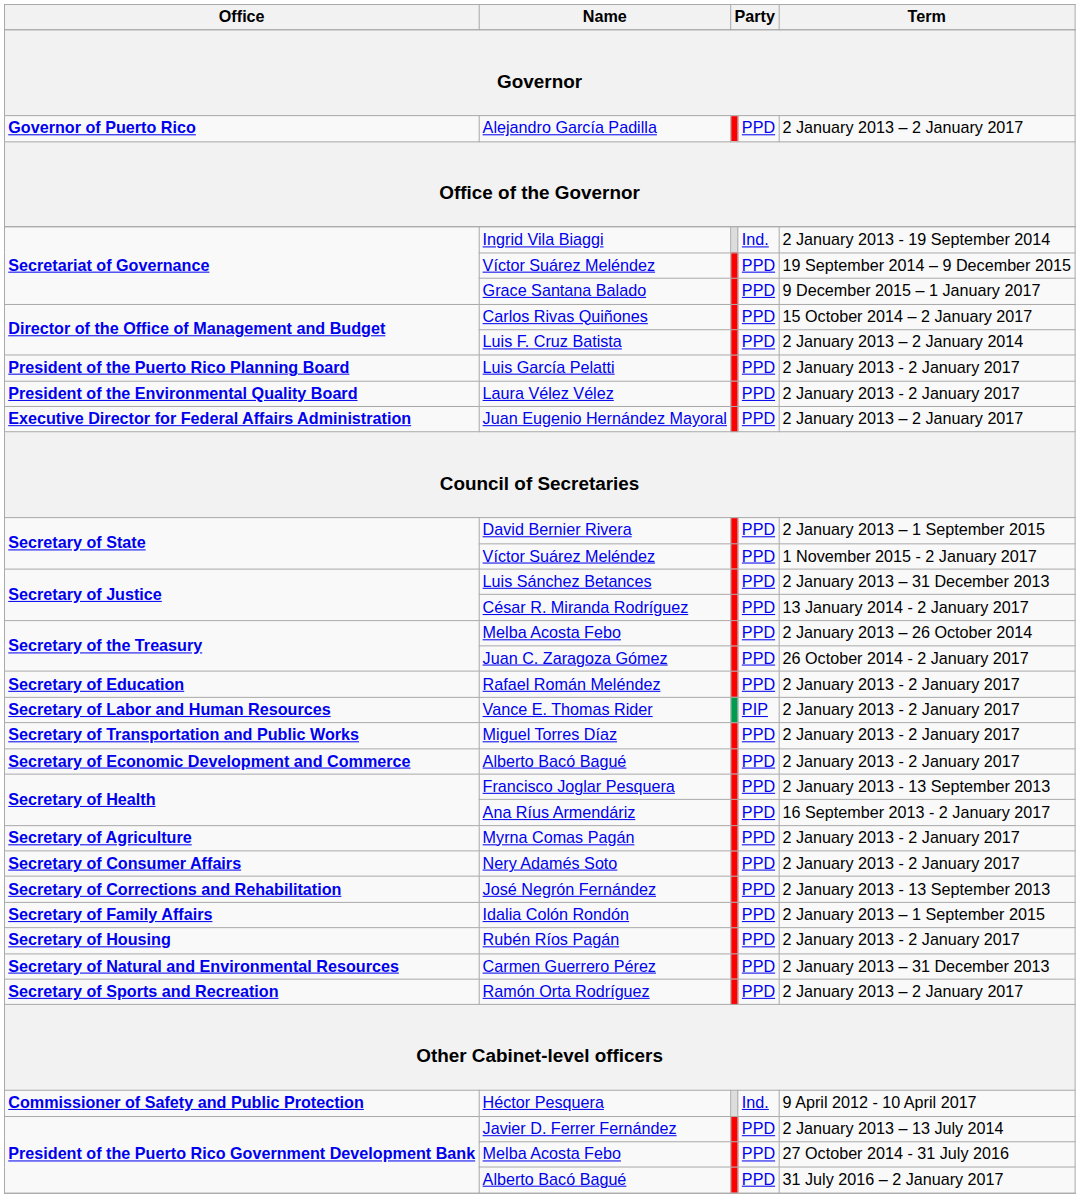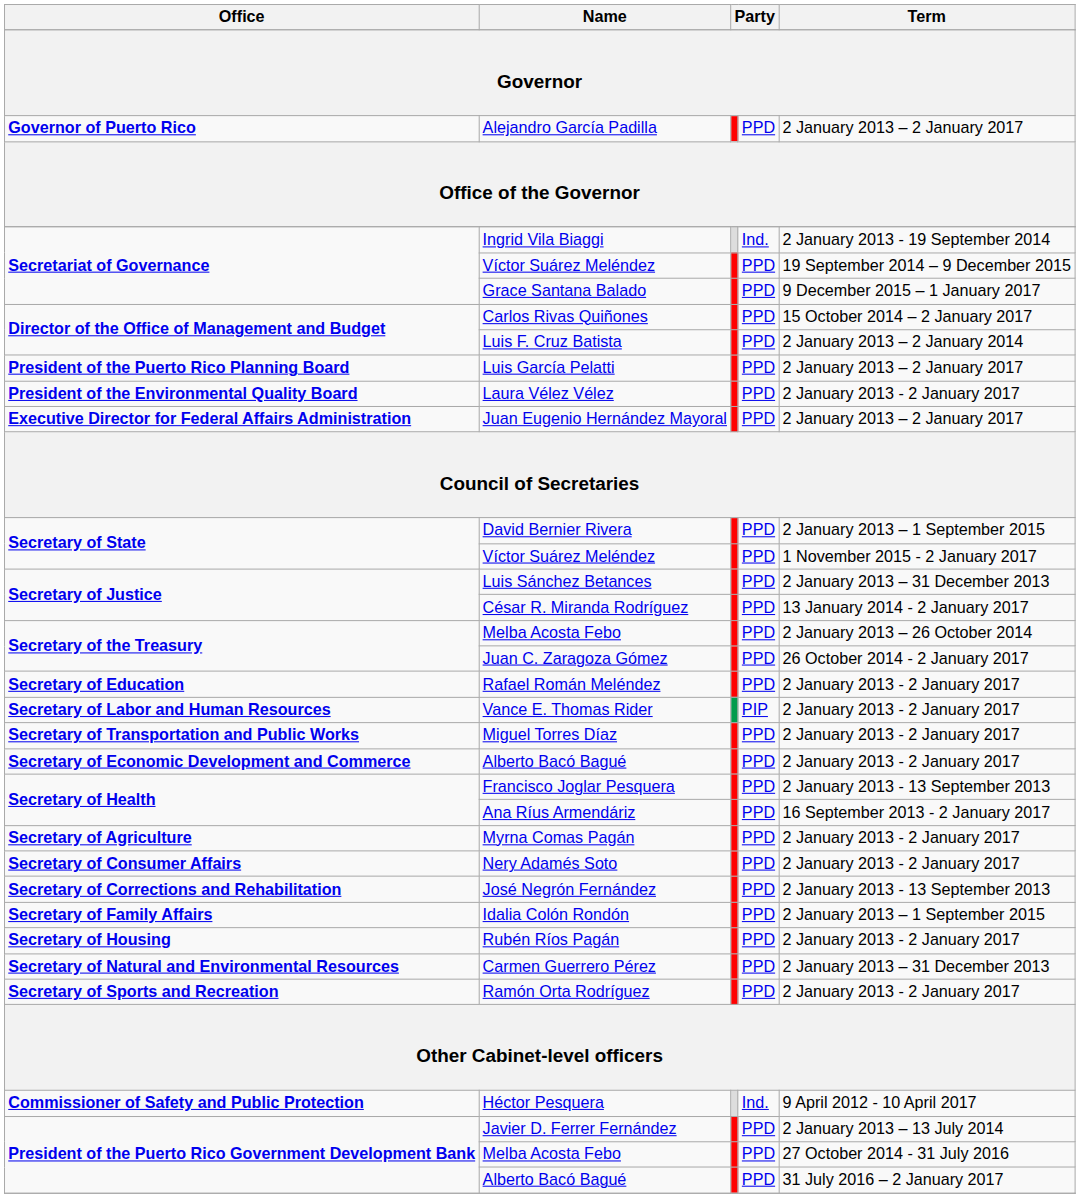 <table class="wikitable">
 <tr>
 <th>Office</th>
 <th>Name</th>
 <th colspan="2">Party</th>
 <th>Term</th>
 </tr>
 <tr>
 </tr>
 <tr>
 <th colspan="9"><br><h3>Governor</h3></th>
 </tr>
 <tr>
 <td rowspan="1"><strong><a href='#'>Governor of Puerto Rico</a></strong><br></td>
 <td><a href='#'>Alejandro García Padilla</a></td>
 <td style="background-color:#FF0000"></td>
 <td><a href='#'>PPD</a></td>
 <td>2 January 2013 – 2 January 2017</td>
 </tr>
 <tr>
 <th colspan="9"><br><h3>Office of the Governor</h3></th>
 </tr>
 <tr>
 </tr>
 <tr>
 <td rowspan="3"><strong><a href='#'>Secretariat of Governance</a></strong><br></td>
 <td><a href='#'>Ingrid Vila Biaggi</a></td>
 <td style="background-color:#DDDDDD"></td>
 <td><a href='#'>Ind.</a></td>
 <td>2 January 2013 - 19 September 2014</td>
 </tr>
 <tr>
 <td><a href='#'>Víctor Suárez Meléndez</a></td>
 <td style="background-color:#FF0000"></td>
 <td><a href='#'>PPD</a></td>
 <td>19 September 2014 – 9 December 2015</td>
 </tr>
 <tr>
 <td><a href='#'>Grace Santana Balado</a></td>
 <td style="background-color:#FF0000"></td>
 <td><a href='#'>PPD</a></td>
 <td>9 December 2015 – 1 January 2017</td>
 </tr>
 <tr>
 <td rowspan="2"><strong><a href='#'>Director of the Office of Management and Budget</a></strong><br></td>
 <td><a href='#'>Carlos Rivas Quiñones</a></td>
 <td style="background-color:#FF0000"></td>
 <td><a href='#'>PPD</a></td>
 <td>15 October 2014 – 2 January 2017</td>
 </tr>
 <tr>
 <td><a href='#'>Luis F. Cruz Batista</a></td>
 <td style="background-color:#FF0000"></td>
 <td><a href='#'>PPD</a></td>
 <td>2 January 2013 – 2 January 2014</td>
 </tr>
 <tr>
 <td rowspan="1"><strong><a href='#'>President of the Puerto Rico Planning Board</a></strong><br></td>
 <td><a href='#'>Luis García Pelatti</a></td>
 <td style="background-color:#FF0000"></td>
 <td><a href='#'>PPD</a></td>
-<td>2 January 2013 - 2 January  2017</td>
+<td>2 January 2013 – 2 January 2017</td>
 </tr>
 <tr>
 <td rowspan="1"><strong><a href='#'>President of the Environmental Quality Board</a></strong><br></td>
 <td><a href='#'>Laura Vélez Vélez</a></td>
 <td style="background-color:#FF0000"></td>
 <td><a href='#'>PPD</a></td>
 <td>2 January 2013 - 2 January  2017</td>
 </tr>
 <tr>
 <td rowspan="1"><strong><a href='#'>Executive Director for Federal Affairs Administration</a></strong><br></td>
 <td><a href='#'>Juan Eugenio Hernández Mayoral</a></td>
 <td style="background-color:#FF0000"></td>
 <td><a href='#'>PPD</a></td>
 <td>2 January 2013 – 2 January 2017</td>
 </tr>
 <tr>
 <th colspan="9"><br><h3>Council of Secretaries</h3></th>
 </tr>
 <tr>
 <td rowspan="2"><strong><a href='#'>Secretary of State</a></strong><br></td>
 <td><a href='#'>David Bernier Rivera</a></td>
 <td style="background-color:#FF0000"></td>
 <td><a href='#'>PPD</a></td>
 <td>2 January 2013 – 1 September 2015</td>
 </tr>
 <tr>
 <td><a href='#'>Víctor Suárez Meléndez</a></td>
 <td style="background-color:#FF0000"></td>
 <td><a href='#'>PPD</a></td>
 <td>1 November 2015 - 2 January 2017</td>
 </tr>
 <tr>
 <td rowspan="2"><strong><a href='#'>Secretary of Justice</a></strong><br></td>
 <td><a href='#'>Luis Sánchez Betances</a></td>
 <td style="background-color:#FF0000"></td>
 <td><a href='#'>PPD</a></td>
 <td>2 January 2013 – 31 December 2013</td>
 </tr>
 <tr>
 <td><a href='#'>César R. Miranda Rodríguez</a></td>
 <td style="background-color:#FF0000"></td>
 <td><a href='#'>PPD</a></td>
 <td>13 January 2014 - 2 January 2017</td>
 </tr>
 <tr>
 <td rowspan="2"><strong><a href='#'>Secretary of the Treasury</a></strong><br></td>
 <td><a href='#'>Melba Acosta Febo</a></td>
 <td style="background-color:#FF0000"></td>
 <td><a href='#'>PPD</a></td>
 <td>2 January 2013 – 26 October 2014</td>
 </tr>
 <tr>
 <td><a href='#'>Juan C. Zaragoza Gómez</a></td>
 <td style="background-color:#FF0000"></td>
 <td><a href='#'>PPD</a></td>
 <td>26 October 2014 - 2 January 2017</td>
 </tr>
 <tr>
 <td rowspan="1"><strong><a href='#'>Secretary of Education</a></strong><br></td>
 <td><a href='#'>Rafael Román Meléndez</a></td>
 <td style="background-color:#FF0000"></td>
 <td><a href='#'>PPD</a></td>
 <td>2 January 2013 - 2 January  2017</td>
 </tr>
 <tr>
 <td rowspan="1"><strong><a href='#'>Secretary of Labor and Human Resources</a></strong><br></td>
 <td><a href='#'>Vance E. Thomas Rider</a></td>
 <td style="background-color:#009C4D"></td>
 <td><a href='#'>PIP</a></td>
 <td>2 January 2013 - 2 January  2017</td>
 </tr>
 <tr>
 <td><strong><a href='#'>Secretary of Transportation and Public Works</a></strong><br></td>
 <td><a href='#'>Miguel Torres Díaz</a></td>
 <td style="background-color:#FF0000"></td>
 <td><a href='#'>PPD</a></td>
 <td>2 January 2013 - 2 January  2017</td>
 </tr>
 <tr>
 <td><strong><a href='#'>Secretary of Economic Development and Commerce</a></strong><br></td>
 <td><a href='#'>Alberto Bacó Bagué</a></td>
 <td style="background-color:#FF0000"></td>
 <td><a href='#'>PPD</a></td>
 <td>2 January 2013 - 2 January  2017</td>
 </tr>
 <tr>
 <td rowspan="2"><strong><a href='#'>Secretary of Health</a></strong><br></td>
 <td><a href='#'>Francisco Joglar Pesquera</a></td>
 <td style="background-color:#FF0000"></td>
 <td><a href='#'>PPD</a></td>
 <td>2 January 2013 - 13 September 2013</td>
 </tr>
 <tr>
 <td><a href='#'>Ana Ríus Armendáriz</a></td>
 <td style="background-color:#FF0000"></td>
 <td><a href='#'>PPD</a></td>
 <td>16 September 2013 - 2 January  2017</td>
 </tr>
 <tr>
 <td><strong><a href='#'>Secretary of Agriculture</a></strong><br></td>
 <td><a href='#'>Myrna Comas Pagán</a></td>
 <td style="background-color:#FF0000"></td>
 <td><a href='#'>PPD</a></td>
 <td>2 January 2013 - 2 January  2017</td>
 </tr>
 <tr>
 <td rowspan="1"><strong><a href='#'>Secretary of Consumer Affairs</a></strong><br></td>
 <td><a href='#'>Nery Adamés Soto</a></td>
 <td style="background-color:#FF0000"></td>
 <td><a href='#'>PPD</a></td>
 <td>2 January 2013 - 2 January  2017</td>
 </tr>
 <tr>
 <td><strong><a href='#'>Secretary of Corrections and Rehabilitation</a></strong><br></td>
 <td><a href='#'>José Negrón Fernández</a></td>
 <td style="background-color:#FF0000"></td>
 <td><a href='#'>PPD</a></td>
 <td>2 January 2013 - 13 September 2013</td>
 </tr>
 <tr>
 <td rowspan="1"><strong><a href='#'>Secretary of Family Affairs</a></strong><br></td>
 <td><a href='#'>Idalia Colón Rondón</a></td>
 <td style="background-color:#FF0000"></td>
 <td><a href='#'>PPD</a></td>
 <td>2 January 2013 – 1 September 2015</td>
 </tr>
 <tr>
 <td rowspan="1"><strong><a href='#'>Secretary of Housing</a></strong><br></td>
 <td><a href='#'>Rubén Ríos Pagán</a></td>
 <td style="background-color:#FF0000"></td>
 <td><a href='#'>PPD</a></td>
 <td>2 January 2013 - 2 January  2017</td>
 </tr>
 <tr>
 <td rowspan="1"><strong><a href='#'>Secretary of Natural and Environmental Resources</a></strong><br></td>
 <td><a href='#'>Carmen Guerrero Pérez</a></td>
 <td style="background-color:#FF0000"></td>
 <td><a href='#'>PPD</a></td>
 <td>2 January 2013 – 31 December 2013</td>
 </tr>
 <tr>
 <td rowspan="1"><strong><a href='#'>Secretary of Sports and Recreation</a></strong><br></td>
 <td><a href='#'>Ramón Orta Rodríguez</a></td>
 <td style="background-color:#FF0000"></td>
 <td><a href='#'>PPD</a></td>
-<td>2 January 2013 – 2 January 2017</td>
+<td>2 January 2013 - 2 January  2017</td>
 </tr>
 <tr>
 <th colspan="9"><br><h3>Other Cabinet-level officers</h3></th>
 </tr>
 <tr>
 <td rowspan="1"><strong><a href='#'>Commissioner of Safety and Public Protection</a></strong><br></td>
 <td><a href='#'>Héctor Pesquera</a></td>
 <td style="background-color:#DDDDDD"></td>
 <td><a href='#'>Ind.</a></td>
 <td>9 April 2012 - 10 April 2017</td>
 </tr>
 <tr>
 <td rowspan="3"><strong><a href='#'>President of the Puerto Rico Government Development Bank</a></strong><br></td>
 <td><a href='#'>Javier D. Ferrer Fernández</a></td>
 <td style="background-color:#FF0000"></td>
 <td><a href='#'>PPD</a></td>
 <td>2 January 2013 – 13 July 2014</td>
 </tr>
 <tr>
 <td><a href='#'>Melba Acosta Febo</a></td>
 <td style="background-color:#FF0000"></td>
 <td><a href='#'>PPD</a></td>
 <td>27 October 2014 - 31 July 2016</td>
 </tr>
 <tr>
 <td><a href='#'>Alberto Bacó Bagué</a></td>
 <td style="background-color:#FF0000"></td>
 <td><a href='#'>PPD</a></td>
 <td>31 July 2016 – 2 January 2017</td>
 </tr>
 <tr>
 </tr>
 <tr>
 </tr>
 </table>
